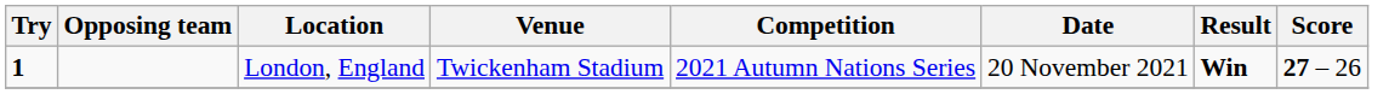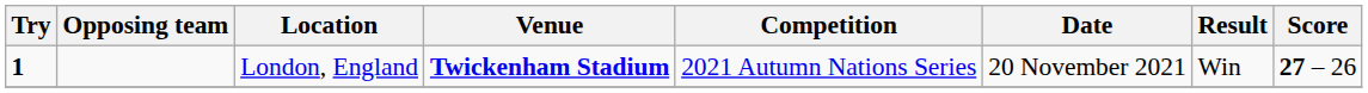 <table class="wikitable" style="font-size:100%">
 <tr>
 <th>Try</th>
 <th>Opposing team</th>
 <th>Location</th>
 <th>Venue</th>
 <th>Competition</th>
 <th>Date</th>
 <th>Result</th>
 <th>Score</th>
 </tr>
 <tr>
 <td><strong>1</strong></td>
 <td></td>
 <td><a href='#'>London</a>, <a href='#'>England</a></td>
-<td><a href='#'>Twickenham Stadium</a></td>
+<td><strong><a href='#'>Twickenham Stadium</a></strong></td>
 <td><a href='#'>2021 Autumn Nations Series</a></td>
 <td>20 November 2021</td>
-<td><strong>Win</strong></td>
+<td>Win</td>
 <td><strong>27</strong> – 26</td>
 </tr>
 <tr>
 </tr>
 </table>
